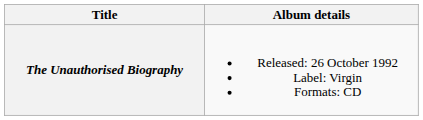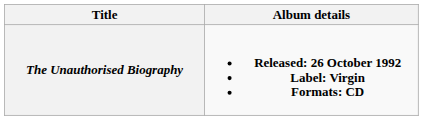 <table class="wikitable plainrowheaders" style="text-align:center;">
 <tr>
 <th scope="col" style="width:15em;">Title</th>
 <th scope="col" style="width:16em;">Album details</th>
 </tr>
 <tr>
 <th scope="row"><em>The Unauthorised Biography</em></th>
-<td><br><ul><li>Released: 26 October 1992 </li><li>Label: Virgin</li><li>Formats: CD</li></ul></td>
+<td><strong><br><ul><li>Released: 26 October 1992 </li><li>Label: Virgin</li><li>Formats: CD</li></ul></strong></td>
 </tr>
 </table>
